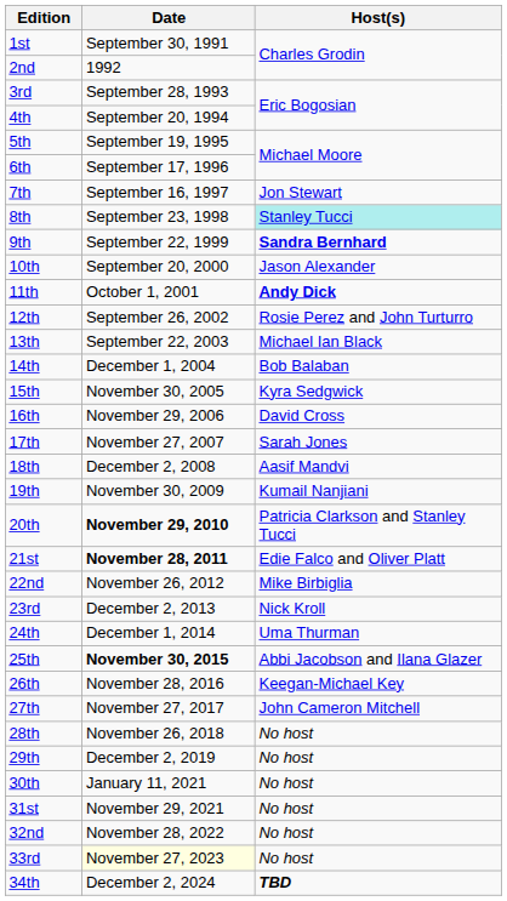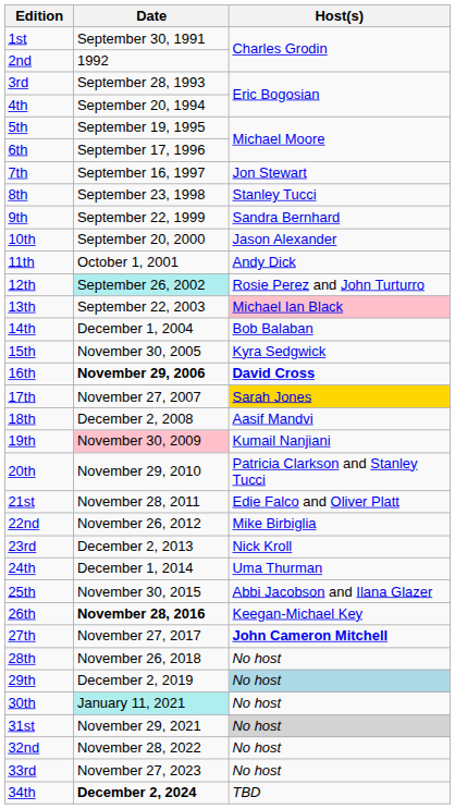 <table class="sortable wikitable center" style="width:40%;">
 <tr>
 <th width=4%>Edition</th>
 <th style="width:19%;">Date</th>
 <th style="width:27%;">Host(s)</th>
 </tr>
 <tr>
 <td><a href='#'>1st</a></td>
 <td>September 30, 1991</td>
 <td rowspan="2"><a href='#'>Charles Grodin</a></td>
 </tr>
 <tr>
 <td><a href='#'>2nd</a></td>
 <td>1992</td>
 </tr>
 <tr>
 <td><a href='#'>3rd</a></td>
 <td>September 28, 1993</td>
 <td rowspan="2"><a href='#'>Eric Bogosian</a></td>
 </tr>
 <tr>
 <td><a href='#'>4th</a></td>
 <td>September 20, 1994</td>
 </tr>
 <tr>
 <td><a href='#'>5th</a></td>
 <td>September 19, 1995</td>
 <td rowspan="2"><a href='#'>Michael Moore</a></td>
 </tr>
 <tr>
 <td><a href='#'>6th</a></td>
 <td>September 17, 1996</td>
 </tr>
 <tr>
 <td><a href='#'>7th</a></td>
 <td>September 16, 1997</td>
 <td><a href='#'>Jon Stewart</a></td>
 </tr>
 <tr>
 <td><a href='#'>8th</a></td>
 <td>September 23, 1998</td>
-<td style="background: paleturquoise;"><a href='#'>Stanley Tucci</a></td>
+<td><a href='#'>Stanley Tucci</a></td>
 </tr>
 <tr>
 <td><a href='#'>9th</a></td>
 <td>September 22, 1999</td>
-<td><strong><a href='#'>Sandra Bernhard</a></strong></td>
+<td><a href='#'>Sandra Bernhard</a></td>
 </tr>
 <tr>
 <td><a href='#'>10th</a></td>
 <td>September 20, 2000</td>
 <td><a href='#'>Jason Alexander</a></td>
 </tr>
 <tr>
 <td><a href='#'>11th</a></td>
 <td>October 1, 2001</td>
-<td><strong><a href='#'>Andy Dick</a></strong></td>
+<td><a href='#'>Andy Dick</a></td>
 </tr>
 <tr>
 <td><a href='#'>12th</a></td>
-<td>September 26, 2002</td>
+<td style="background: paleturquoise;">September 26, 2002</td>
 <td><a href='#'>Rosie Perez</a> and <a href='#'>John Turturro</a></td>
 </tr>
 <tr>
 <td><a href='#'>13th</a></td>
 <td>September 22, 2003</td>
-<td><a href='#'>Michael Ian Black</a></td>
+<td style="background: pink;"><a href='#'>Michael Ian Black</a></td>
 </tr>
 <tr>
 <td><a href='#'>14th</a></td>
 <td>December 1, 2004</td>
 <td><a href='#'>Bob Balaban</a></td>
 </tr>
 <tr>
 <td><a href='#'>15th</a></td>
 <td>November 30, 2005</td>
 <td><a href='#'>Kyra Sedgwick</a></td>
 </tr>
 <tr>
 <td><a href='#'>16th</a></td>
-<td>November 29, 2006</td>
-<td><a href='#'>David Cross</a></td>
+<td><strong>November 29, 2006</strong></td>
+<td><strong><a href='#'>David Cross</a></strong></td>
 </tr>
 <tr>
 <td><a href='#'>17th</a></td>
 <td>November 27, 2007</td>
-<td><a href='#'>Sarah Jones</a></td>
+<td style="background: gold;"><a href='#'>Sarah Jones</a></td>
 </tr>
 <tr>
 <td><a href='#'>18th</a></td>
 <td>December 2, 2008</td>
 <td><a href='#'>Aasif Mandvi</a></td>
 </tr>
 <tr>
 <td><a href='#'>19th</a></td>
-<td>November 30, 2009</td>
+<td style="background: pink;">November 30, 2009</td>
 <td><a href='#'>Kumail Nanjiani</a></td>
 </tr>
 <tr>
 <td><a href='#'>20th</a></td>
-<td><strong>November 29, 2010</strong></td>
+<td>November 29, 2010</td>
 <td><a href='#'>Patricia Clarkson</a> and <a href='#'>Stanley Tucci</a></td>
 </tr>
 <tr>
 <td><a href='#'>21st</a></td>
-<td><strong>November 28, 2011</strong></td>
+<td>November 28, 2011</td>
 <td><a href='#'>Edie Falco</a> and <a href='#'>Oliver Platt</a></td>
 </tr>
 <tr>
 <td><a href='#'>22nd</a></td>
 <td>November 26, 2012</td>
 <td><a href='#'>Mike Birbiglia</a></td>
 </tr>
 <tr>
 <td><a href='#'>23rd</a></td>
 <td>December 2, 2013</td>
 <td><a href='#'>Nick Kroll</a></td>
 </tr>
 <tr>
 <td><a href='#'>24th</a></td>
 <td>December 1, 2014</td>
 <td><a href='#'>Uma Thurman</a></td>
 </tr>
 <tr>
 <td><a href='#'>25th</a></td>
-<td><strong>November 30, 2015</strong></td>
+<td>November 30, 2015</td>
 <td><a href='#'>Abbi Jacobson</a> and <a href='#'>Ilana Glazer</a></td>
 </tr>
 <tr>
 <td><a href='#'>26th</a></td>
-<td>November 28, 2016</td>
+<td><strong>November 28, 2016</strong></td>
 <td><a href='#'>Keegan-Michael Key</a></td>
 </tr>
 <tr>
 <td><a href='#'>27th</a></td>
 <td>November 27, 2017</td>
-<td><a href='#'>John Cameron Mitchell</a></td>
+<td><strong><a href='#'>John Cameron Mitchell</a></strong></td>
 </tr>
 <tr>
 <td><a href='#'>28th</a></td>
 <td>November 26, 2018</td>
 <td><em>No host</em></td>
 </tr>
 <tr>
 <td><a href='#'>29th</a></td>
 <td>December 2, 2019</td>
-<td><em>No host</em></td>
+<td style="background: lightblue;"><em>No host</em></td>
 </tr>
 <tr>
 <td><a href='#'>30th</a></td>
-<td>January 11, 2021</td>
+<td style="background: paleturquoise;">January 11, 2021</td>
 <td><em>No host</em></td>
 </tr>
 <tr>
 <td><a href='#'>31st</a></td>
 <td>November 29, 2021</td>
-<td><em>No host</em></td>
+<td style="background: lightgrey;"><em>No host</em></td>
 </tr>
 <tr>
 <td><a href='#'>32nd</a></td>
 <td>November 28, 2022</td>
 <td><em>No host</em></td>
 </tr>
 <tr>
 <td><a href='#'>33rd</a></td>
-<td style="background: lightyellow;">November 27, 2023</td>
+<td>November 27, 2023</td>
 <td><em>No host</em></td>
 </tr>
 <tr>
 <td><a href='#'>34th</a></td>
-<td>December 2, 2024</td>
-<td><strong><em>TBD</em></strong></td>
+<td><strong>December 2, 2024</strong></td>
+<td><em>TBD</em></td>
 </tr>
 </table>
